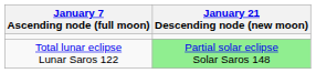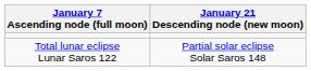 <table class="wikitable">
 <tr>
 <th><a href='#'>January 7</a><br>Ascending node (full moon)<br></th>
 <th><a href='#'>January 21</a><br>Descending node (new moon)<br></th>
 </tr>
 <tr>
 <td></td>
 <td></td>
 </tr>
 <tr align=center>
 <td><a href='#'>Total lunar eclipse</a><br>Lunar Saros 122</td>
-<td style="background: lightgreen;"><a href='#'>Partial solar eclipse</a><br>Solar Saros 148</td>
+<td><a href='#'>Partial solar eclipse</a><br>Solar Saros 148</td>
 </tr>
 </table>
